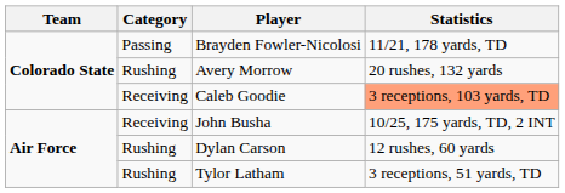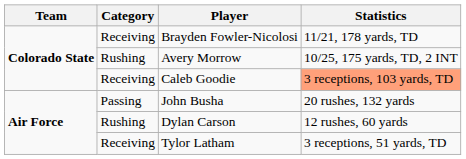 <table class="wikitable" style="float: right;">
 <tr>
 <th>Team</th>
 <th>Category</th>
 <th>Player</th>
 <th>Statistics</th>
 </tr>
 <tr>
 <td rowspan=3><strong>Colorado State</strong></td>
-<td>Passing</td>
+<td>Receiving</td>
 <td>Brayden Fowler-Nicolosi</td>
 <td>11/21, 178 yards, TD</td>
 </tr>
 <tr>
 <td>Rushing</td>
 <td>Avery Morrow</td>
-<td>20 rushes, 132 yards</td>
+<td>10/25, 175 yards, TD, 2 INT</td>
 </tr>
 <tr>
 <td>Receiving</td>
 <td>Caleb Goodie</td>
 <td style="background: lightsalmon;">3 receptions, 103 yards, TD</td>
 </tr>
 <tr>
 <td rowspan=3><strong>Air Force</strong></td>
-<td>Receiving</td>
+<td>Passing</td>
 <td>John Busha</td>
-<td>10/25, 175 yards, TD, 2 INT</td>
+<td>20 rushes, 132 yards</td>
 </tr>
 <tr>
 <td>Rushing</td>
 <td>Dylan Carson</td>
 <td>12 rushes, 60 yards</td>
 </tr>
 <tr>
-<td>Rushing</td>
+<td>Receiving</td>
 <td>Tylor Latham</td>
 <td>3 receptions, 51 yards, TD</td>
 </tr>
 </table>
